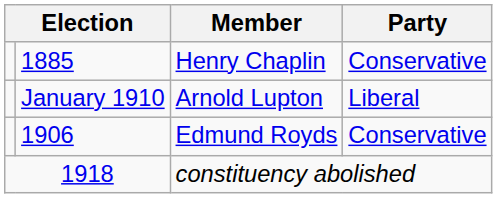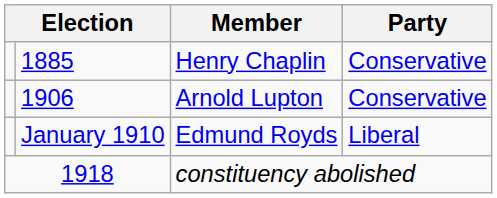 <table class="wikitable">
 <tr>
 <th colspan="2">Election</th>
 <th>Member</th>
 <th>Party</th>
 </tr>
 <tr>
 <td style="color:inherit;background-color: "></td>
 <td><a href='#'>1885</a></td>
 <td><a href='#'>Henry Chaplin</a></td>
 <td><a href='#'>Conservative</a></td>
 </tr>
 <tr>
 <td style="color:inherit;background-color: "></td>
-<td><a href='#'>January 1910</a></td>
+<td><a href='#'>1906</a></td>
 <td><a href='#'>Arnold Lupton</a></td>
-<td><a href='#'>Liberal</a></td>
+<td><a href='#'>Conservative</a></td>
 </tr>
 <tr>
 <td style="color:inherit;background-color: "></td>
-<td><a href='#'>1906</a></td>
+<td><a href='#'>January 1910</a></td>
 <td><a href='#'>Edmund Royds</a></td>
-<td><a href='#'>Conservative</a></td>
+<td><a href='#'>Liberal</a></td>
 </tr>
 <tr>
 <td colspan="2" align="center"><a href='#'>1918</a></td>
 <td colspan="2"><em>constituency abolished</em></td>
 </tr>
 </table>
